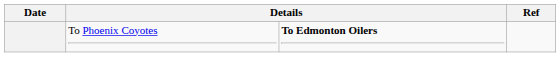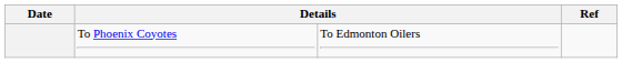 <table class="wikitable plainrowheaders" style="width: 50em;">
 <tr>
 <th scope="col">Date</th>
 <th scope="col" colspan="2">Details</th>
 <th scope="col">Ref</th>
 </tr>
 <tr>
 <th scope="row"></th>
 <td valign="top">To <a href='#'>Phoenix Coyotes</a><hr></td>
-<td valign="top"><strong>To Edmonton Oilers<hr></strong></td>
+<td valign="top">To Edmonton Oilers<hr></td>
 <td></td>
 </tr>
 </table>
